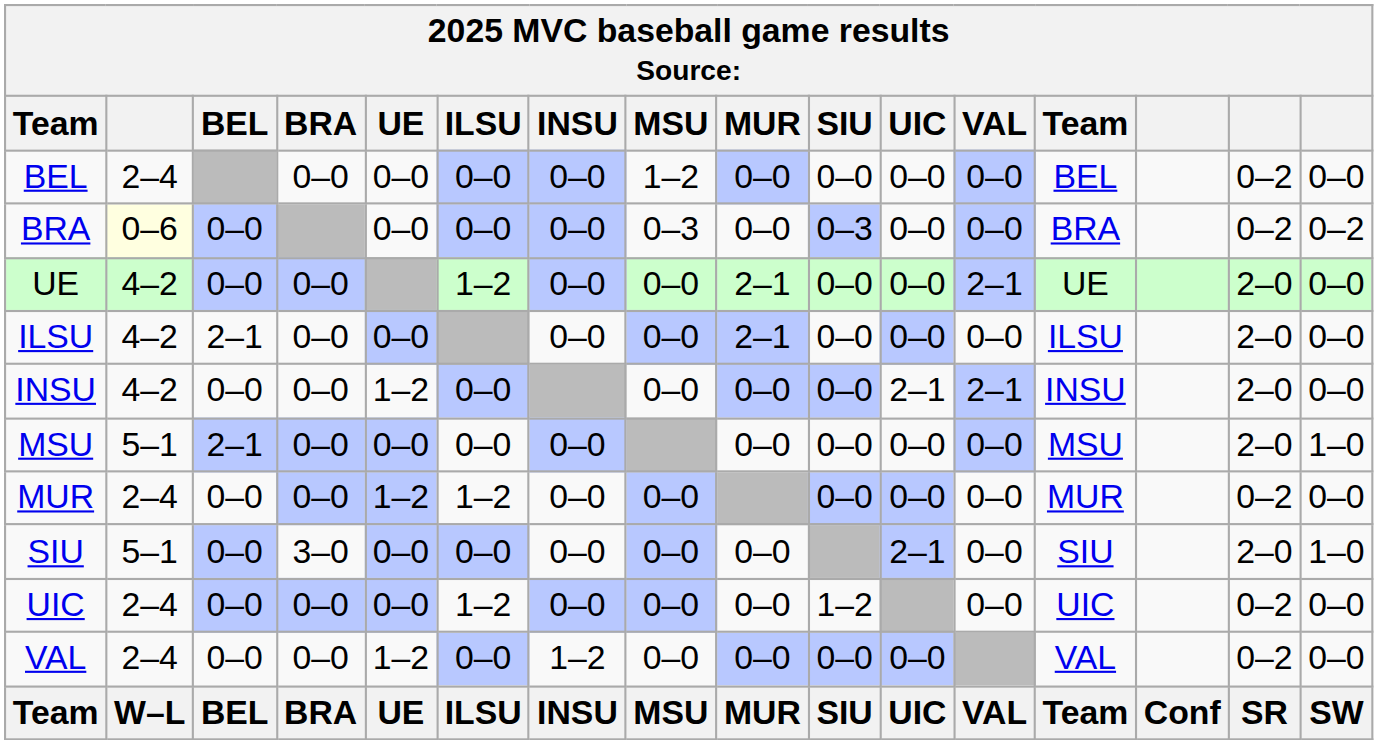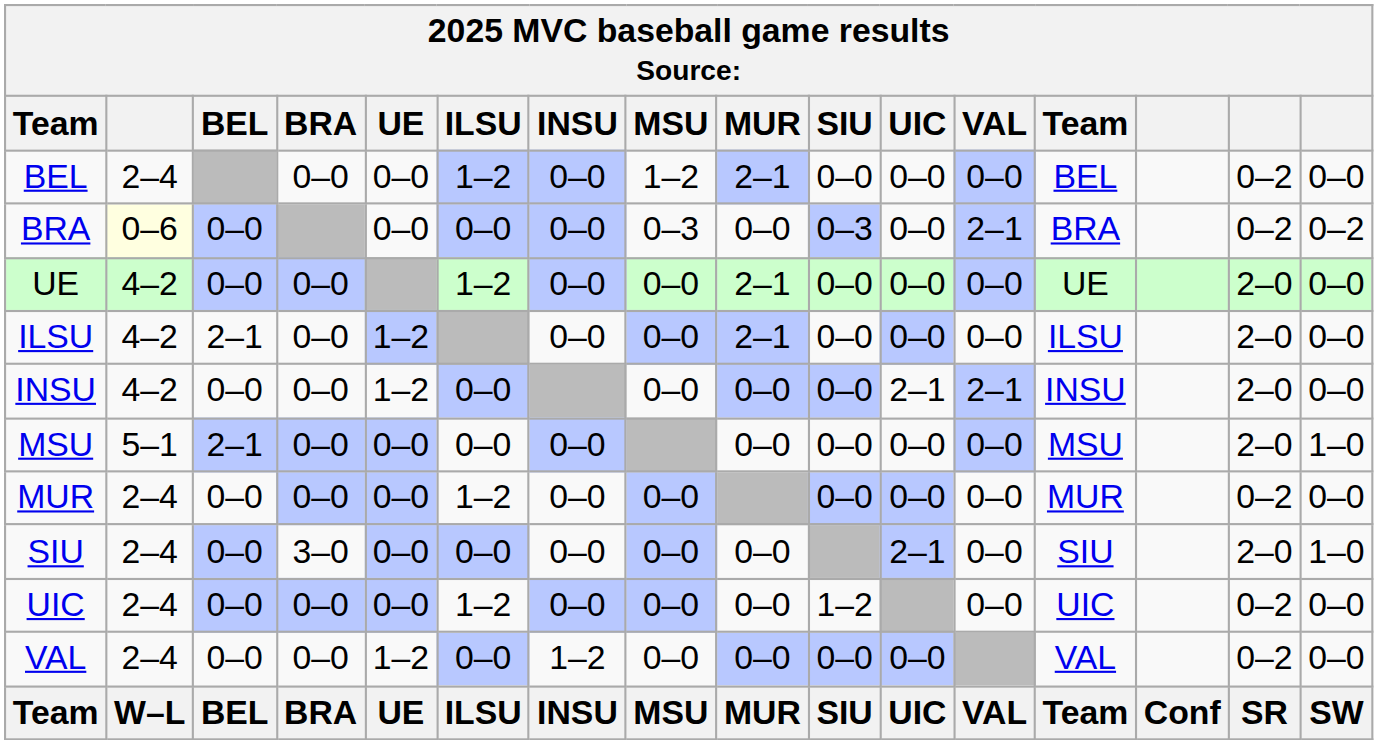 <table class="wikitable sortable" style="text-align:center">
 <tr>
 <th colspan="20">2025 MVC baseball game results<br><small>Source: </small></th>
 </tr>
 <tr>
 <th>Team</th>
 <th></th>
 <th class=unsortable>BEL</th>
 <th class=unsortable>BRA</th>
 <th class=unsortable>UE</th>
 <th class=unsortable>ILSU</th>
 <th class=unsortable>INSU</th>
 <th class=unsortable>MSU</th>
 <th class=unsortable>MUR</th>
 <th class=unsortable>SIU</th>
 <th class=unsortable>UIC</th>
 <th class=unsortable>VAL</th>
 <th>Team</th>
 <th></th>
 <th></th>
 <th></th>
 </tr>
 <tr>
 <td><a href='#'>BEL</a></td>
 <td>2–4</td>
 <td style="background-color:#BBBBBB"></td>
 <td>0–0</td>
 <td>0–0</td>
-<td style="background-color:#B8C8FF">0–0</td>
+<td style="background-color:#B8C8FF">1–2</td>
 <td style="background-color:#B8C8FF">0–0</td>
 <td>1–2</td>
-<td style="background-color:#B8C8FF">0–0</td>
+<td style="background-color:#B8C8FF">2–1</td>
 <td>0–0</td>
 <td>0–0</td>
 <td style="background-color:#B8C8FF">0–0</td>
 <td><a href='#'>BEL</a></td>
 <td></td>
 <td>0–2</td>
 <td>0–0</td>
 </tr>
 <tr>
 <td><a href='#'>BRA</a></td>
 <td style="background: lightyellow;">0–6</td>
 <td style="background-color:#B8C8FF">0–0</td>
 <td style="background-color:#BBBBBB"></td>
 <td>0–0</td>
 <td style="background-color:#B8C8FF">0–0</td>
 <td style="background-color:#B8C8FF">0–0</td>
 <td>0–3</td>
 <td>0–0</td>
 <td style="background-color:#B8C8FF">0–3</td>
 <td>0–0</td>
-<td style="background-color:#B8C8FF">0–0</td>
+<td style="background-color:#B8C8FF">2–1</td>
 <td><a href='#'>BRA</a></td>
 <td></td>
 <td>0–2</td>
 <td>0–2</td>
 </tr>
 <tr style="background-color:#CCFFCC">
 <td>UE</td>
 <td>4–2</td>
 <td style="background-color:#B8C8FF">0–0</td>
 <td style="background-color:#B8C8FF">0–0</td>
 <td style="background-color:#BBBBBB"></td>
 <td>1–2</td>
 <td style="background-color:#B8C8FF">0–0</td>
 <td>0–0</td>
 <td>2–1</td>
 <td>0–0</td>
 <td>0–0</td>
-<td style="background-color:#B8C8FF">2–1</td>
+<td style="background-color:#B8C8FF">0–0</td>
 <td>UE</td>
 <td></td>
 <td>2–0</td>
 <td>0–0</td>
 </tr>
 <tr>
 <td><a href='#'>ILSU</a></td>
 <td>4–2</td>
 <td>2–1</td>
 <td>0–0</td>
-<td style="background-color:#B8C8FF">0–0</td>
+<td style="background-color:#B8C8FF">1–2</td>
 <td style="background-color:#BBBBBB"></td>
 <td>0–0</td>
 <td style="background-color:#B8C8FF">0–0</td>
 <td style="background-color:#B8C8FF">2–1</td>
 <td>0–0</td>
 <td style="background-color:#B8C8FF">0–0</td>
 <td>0–0</td>
 <td><a href='#'>ILSU</a></td>
 <td></td>
 <td>2–0</td>
 <td>0–0</td>
 </tr>
 <tr>
 <td><a href='#'>INSU</a></td>
 <td>4–2</td>
 <td>0–0</td>
 <td>0–0</td>
 <td>1–2</td>
 <td style="background-color:#B8C8FF">0–0</td>
 <td style="background-color:#BBBBBB"></td>
 <td>0–0</td>
 <td style="background-color:#B8C8FF">0–0</td>
 <td style="background-color:#B8C8FF">0–0</td>
 <td>2–1</td>
 <td style="background-color:#B8C8FF">2–1</td>
 <td><a href='#'>INSU</a></td>
 <td></td>
 <td>2–0</td>
 <td>0–0</td>
 </tr>
 <tr>
 <td><a href='#'>MSU</a></td>
 <td>5–1</td>
 <td style="background-color:#B8C8FF">2–1</td>
 <td style="background-color:#B8C8FF">0–0</td>
 <td style="background-color:#B8C8FF">0–0</td>
 <td>0–0</td>
 <td style="background-color:#B8C8FF">0–0</td>
 <td style="background-color:#BBBBBB"></td>
 <td>0–0</td>
 <td>0–0</td>
 <td>0–0</td>
 <td style="background-color:#B8C8FF">0–0</td>
 <td><a href='#'>MSU</a></td>
 <td></td>
 <td>2–0</td>
 <td>1–0</td>
 </tr>
 <tr>
 <td><a href='#'>MUR</a></td>
 <td>2–4</td>
 <td>0–0</td>
 <td style="background-color:#B8C8FF">0–0</td>
-<td style="background-color:#B8C8FF">1–2</td>
+<td style="background-color:#B8C8FF">0–0</td>
 <td>1–2</td>
 <td>0–0</td>
 <td style="background-color:#B8C8FF">0–0</td>
 <td style="background-color:#BBBBBB"></td>
 <td style="background-color:#B8C8FF">0–0</td>
 <td style="background-color:#B8C8FF">0–0</td>
 <td>0–0</td>
 <td><a href='#'>MUR</a></td>
 <td></td>
 <td>0–2</td>
 <td>0–0</td>
 </tr>
 <tr>
 <td><a href='#'>SIU</a></td>
-<td>5–1</td>
+<td>2–4</td>
 <td style="background-color:#B8C8FF">0–0</td>
 <td>3–0</td>
 <td style="background-color:#B8C8FF">0–0</td>
 <td style="background-color:#B8C8FF">0–0</td>
 <td>0–0</td>
 <td style="background-color:#B8C8FF">0–0</td>
 <td>0–0</td>
 <td style="background-color:#BBBBBB"></td>
 <td style="background-color:#B8C8FF">2–1</td>
 <td>0–0</td>
 <td><a href='#'>SIU</a></td>
 <td></td>
 <td>2–0</td>
 <td>1–0</td>
 </tr>
 <tr>
 <td><a href='#'>UIC</a></td>
 <td>2–4</td>
 <td style="background-color:#B8C8FF">0–0</td>
 <td style="background-color:#B8C8FF">0–0</td>
 <td style="background-color:#B8C8FF">0–0</td>
 <td>1–2</td>
 <td style="background-color:#B8C8FF">0–0</td>
 <td style="background-color:#B8C8FF">0–0</td>
 <td>0–0</td>
 <td>1–2</td>
 <td style="background-color:#BBBBBB"></td>
 <td>0–0</td>
 <td><a href='#'>UIC</a></td>
 <td></td>
 <td>0–2</td>
 <td>0–0</td>
 </tr>
 <tr>
 <td><a href='#'>VAL</a></td>
 <td>2–4</td>
 <td>0–0</td>
 <td>0–0</td>
 <td>1–2</td>
 <td style="background-color:#B8C8FF">0–0</td>
 <td>1–2</td>
 <td>0–0</td>
 <td style="background-color:#B8C8FF">0–0</td>
 <td style="background-color:#B8C8FF">0–0</td>
 <td style="background-color:#B8C8FF">0–0</td>
 <td style="background-color:#BBBBBB"></td>
 <td><a href='#'>VAL</a></td>
 <td></td>
 <td>0–2</td>
 <td>0–0</td>
 </tr>
 <tr>
 <th>Team</th>
 <th>W–L</th>
 <th>BEL</th>
 <th>BRA</th>
 <th>UE</th>
 <th>ILSU</th>
 <th>INSU</th>
 <th>MSU</th>
 <th>MUR</th>
 <th>SIU</th>
 <th>UIC</th>
 <th>VAL</th>
 <th>Team</th>
 <th>Conf</th>
 <th>SR</th>
 <th>SW</th>
 </tr>
 </table>
